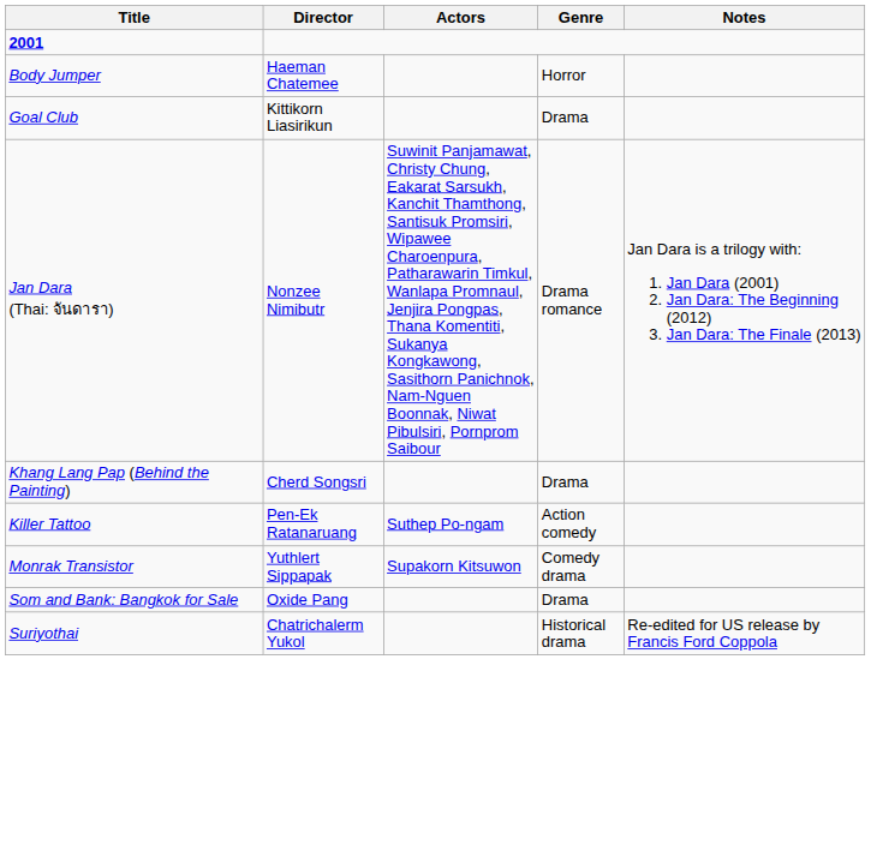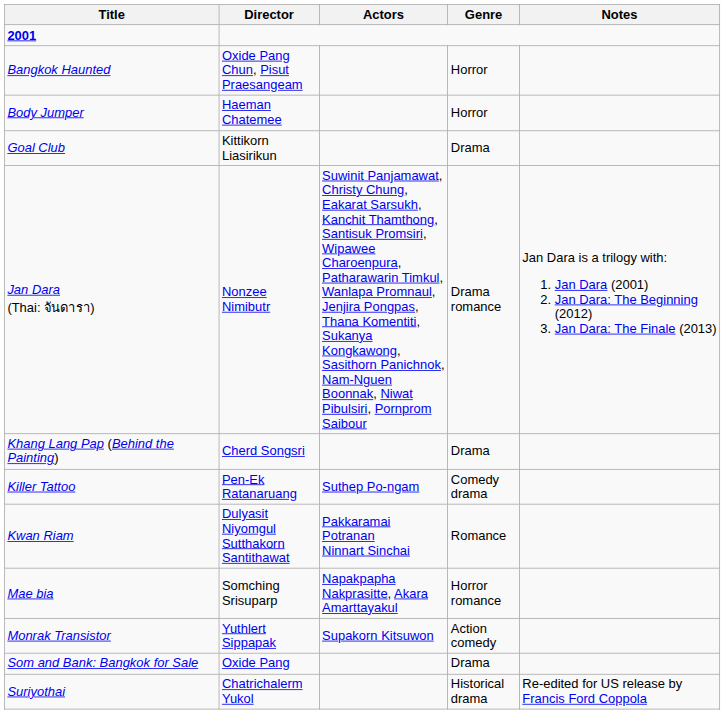 <table class="wikitable" style="width:100%;">
 <tr>
 <th style="width:30%;">Title</th>
 <th style="width:14%;">Director</th>
 <th style="width:18%;">Actors</th>
 <th style="width:10%;">Genre</th>
 <th style="width:28%;">Notes</th>
 </tr>
 <tr>
 <td><strong><a href='#'>2001</a></strong></td>
+</tr>
+<tr>
+<td><em><a href='#'>Bangkok Haunted</a></em></td>
+<td><a href='#'>Oxide Pang Chun</a>, <a href='#'>Pisut Praesangeam</a></td>
+<td></td>
+<td>Horror</td>
+<td></td>
 </tr>
 <tr>
 <td><em><a href='#'>Body Jumper</a></em></td>
 <td><a href='#'>Haeman Chatemee</a></td>
 <td></td>
 <td>Horror</td>
 <td></td>
 </tr>
 <tr>
 <td><em><a href='#'>Goal Club</a></em></td>
 <td>Kittikorn Liasirikun</td>
 <td></td>
 <td>Drama</td>
 <td></td>
 </tr>
 <tr>
 <td><em><a href='#'>Jan Dara</a></em><br>(Thai:  จันดารา)</td>
 <td><a href='#'>Nonzee Nimibutr</a></td>
 <td><a href='#'>Suwinit Panjamawat</a>, <a href='#'>Christy Chung</a>, <a href='#'>Eakarat Sarsukh</a>, <a href='#'>Kanchit Thamthong</a>, <a href='#'>Santisuk Promsiri</a>, <a href='#'>Wipawee Charoenpura</a>, <a href='#'>Patharawarin Timkul</a>, <a href='#'>Wanlapa Promnaul</a>, <a href='#'>Jenjira Pongpas</a>, <a href='#'>Thana Komentiti</a>, <a href='#'>Sukanya Kongkawong</a>, <a href='#'>Sasithorn Panichnok</a>, <a href='#'>Nam-Nguen Boonnak</a>, <a href='#'>Niwat Pibulsiri</a>, <a href='#'>Pornprom Saibour</a></td>
 <td>Drama romance</td>
 <td>Jan Dara is a trilogy with:<br><ol><li><a href='#'>Jan Dara</a> (2001)</li><li><a href='#'>Jan Dara: The Beginning</a> (2012)</li><li><a href='#'>Jan Dara: The Finale</a> (2013)</li></ol></td>
 </tr>
 <tr>
 <td><em><a href='#'>Khang Lang Pap</a></em> (<em><a href='#'>Behind the Painting</a></em>)</td>
 <td><a href='#'>Cherd Songsri</a></td>
 <td></td>
 <td>Drama</td>
 <td></td>
 </tr>
 <tr>
 <td><em><a href='#'>Killer Tattoo</a></em></td>
 <td><a href='#'>Pen-Ek Ratanaruang</a></td>
 <td><a href='#'>Suthep Po-ngam</a></td>
-<td>Action comedy</td>
+<td>Comedy drama</td>
+<td></td>
+</tr>
+<tr>
+<td><em><a href='#'>Kwan Riam</a></em></td>
+<td><a href='#'>Dulyasit Niyomgul</a><br><a href='#'>Sutthakorn Santithawat</a></td>
+<td><a href='#'>Pakkaramai Potranan</a><br><a href='#'>Ninnart Sinchai</a></td>
+<td>Romance</td>
+<td></td>
+</tr>
+<tr>
+<td><em><a href='#'>Mae bia</a></em></td>
+<td>Somching Srisuparp</td>
+<td><a href='#'>Napakpapha Nakprasitte</a>, <a href='#'>Akara Amarttayakul</a></td>
+<td>Horror romance</td>
 <td></td>
 </tr>
 <tr>
 <td><em><a href='#'>Monrak Transistor</a></em></td>
 <td><a href='#'>Yuthlert Sippapak</a></td>
 <td><a href='#'>Supakorn Kitsuwon</a></td>
-<td>Comedy drama</td>
+<td>Action comedy</td>
 <td></td>
 </tr>
 <tr>
 <td><em><a href='#'>Som and Bank: Bangkok for Sale</a></em></td>
 <td><a href='#'>Oxide Pang</a></td>
 <td></td>
 <td>Drama</td>
 <td></td>
 </tr>
 <tr>
 <td><em><a href='#'>Suriyothai</a></em></td>
 <td><a href='#'>Chatrichalerm Yukol</a></td>
 <td></td>
 <td>Historical drama</td>
 <td>Re-edited for US release by <a href='#'>Francis Ford Coppola</a></td>
 </tr>
 </table>
